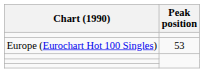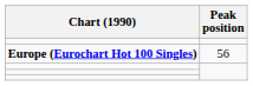 <table class="wikitable sortable">
 <tr>
 <th>Chart (1990)</th>
 <th>Peak<br>position</th>
 </tr>
 <tr>
 <td></td>
 </tr>
 <tr>
-<td align="left">Europe (<a href='#'>Eurochart Hot 100 Singles</a>)</td>
-<td align="center">53</td>
+<td align="left"><strong>Europe (<a href='#'>Eurochart Hot 100 Singles</a>)</strong></td>
+<td align="center">56</td>
 </tr>
 <tr>
 <td></td>
 </tr>
 <tr>
 <td></td>
 </tr>
 <tr>
 <td></td>
 </tr>
 </table>
